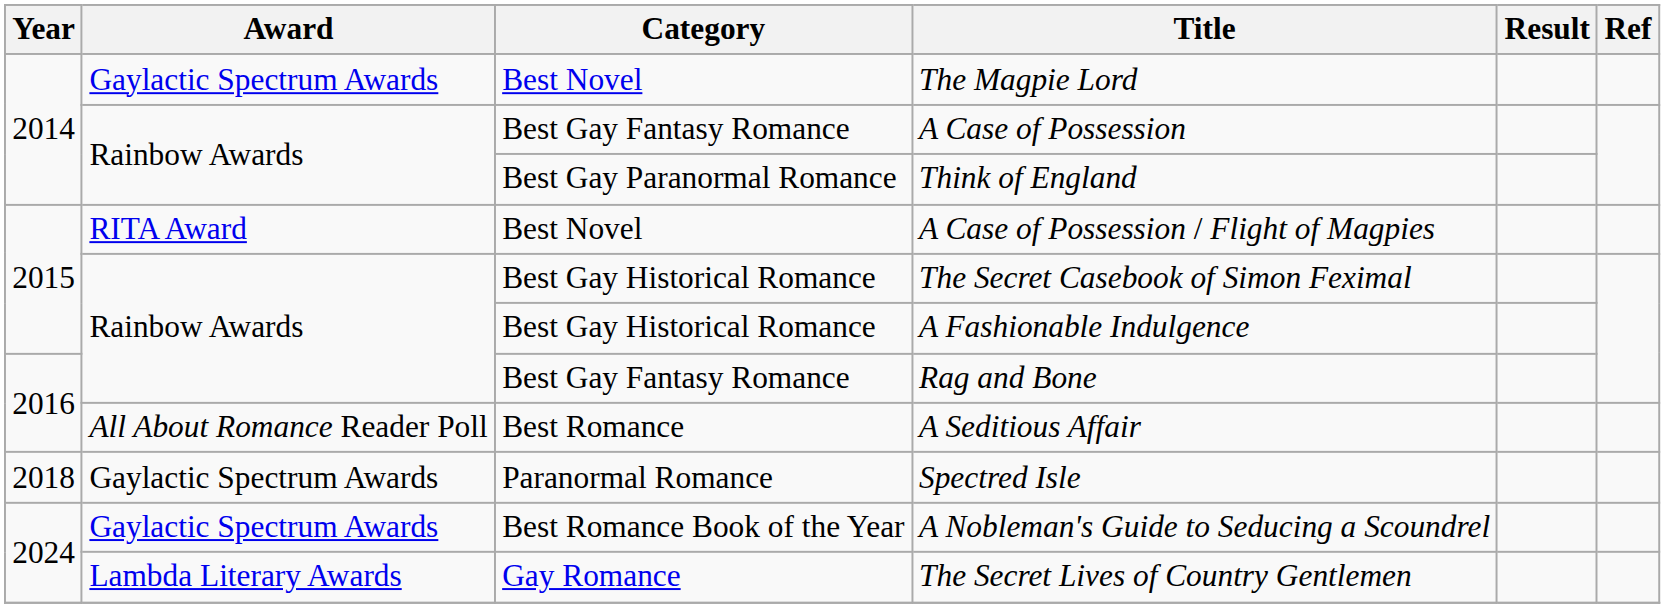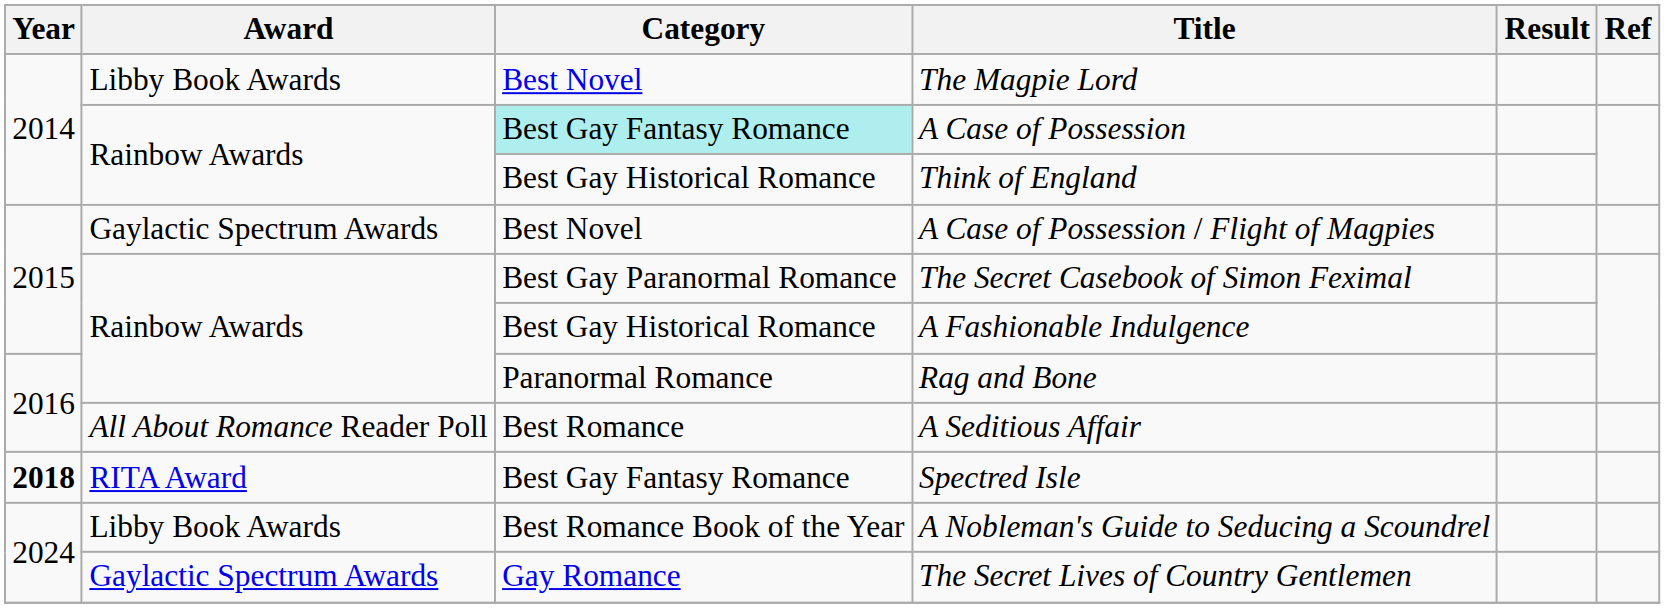 <table class="wikitable sortable">
 <tr>
 <th>Year</th>
 <th>Award</th>
 <th>Category</th>
 <th>Title</th>
 <th>Result</th>
 <th>Ref</th>
 </tr>
 <tr>
 <td rowspan="3">2014</td>
-<td><a href='#'>Gaylactic Spectrum Awards</a></td>
+<td>Libby Book Awards</td>
 <td><a href='#'>Best Novel</a></td>
 <td><em>The Magpie Lord</em></td>
 <td></td>
 <td></td>
 </tr>
 <tr>
 <td rowspan="2">Rainbow Awards</td>
-<td>Best Gay Fantasy Romance</td>
+<td style="background: paleturquoise;">Best Gay Fantasy Romance</td>
 <td><em>A Case of Possession</em></td>
 <td></td>
 <td rowspan="2"></td>
 </tr>
 <tr>
-<td>Best Gay Paranormal Romance</td>
+<td>Best Gay Historical Romance</td>
 <td><em>Think of England</em></td>
 <td></td>
 </tr>
 <tr>
 <td rowspan="3">2015</td>
-<td><a href='#'>RITA Award</a></td>
+<td>Gaylactic Spectrum Awards</td>
 <td>Best Novel</td>
 <td><em>A Case of Possession</em> / <em>Flight of Magpies</em></td>
 <td></td>
 <td></td>
 </tr>
 <tr>
 <td rowspan="3">Rainbow Awards</td>
-<td>Best Gay Historical Romance</td>
+<td>Best Gay Paranormal Romance</td>
 <td><em>The Secret Casebook of Simon Feximal</em></td>
 <td></td>
 <td rowspan="3"></td>
 </tr>
 <tr>
 <td>Best Gay Historical Romance</td>
 <td><em>A Fashionable Indulgence</em></td>
 <td></td>
 </tr>
 <tr>
 <td rowspan="2">2016</td>
-<td>Best Gay Fantasy Romance</td>
+<td>Paranormal Romance</td>
 <td><em>Rag and Bone</em></td>
 <td></td>
 </tr>
 <tr>
 <td><em>All About Romance</em> Reader Poll</td>
 <td>Best Romance</td>
 <td><em>A Seditious Affair</em></td>
 <td></td>
 <td></td>
 </tr>
 <tr>
-<td>2018</td>
-<td>Gaylactic Spectrum Awards</td>
-<td>Paranormal Romance</td>
+<td><strong>2018</strong></td>
+<td><a href='#'>RITA Award</a></td>
+<td>Best Gay Fantasy Romance</td>
 <td><em>Spectred Isle</em></td>
 <td></td>
 <td></td>
 </tr>
 <tr>
 <td rowspan="2">2024</td>
-<td><a href='#'>Gaylactic Spectrum Awards</a></td>
+<td>Libby Book Awards</td>
 <td>Best Romance Book of the Year</td>
 <td><em>A Nobleman's Guide to Seducing a Scoundrel</em></td>
 <td></td>
 <td></td>
 </tr>
 <tr>
-<td><a href='#'>Lambda Literary Awards</a></td>
+<td><a href='#'>Gaylactic Spectrum Awards</a></td>
 <td><a href='#'>Gay Romance</a></td>
 <td><em>The Secret Lives of Country Gentlemen</em></td>
 <td></td>
 <td></td>
 </tr>
 <tr>
 </tr>
 </table>
